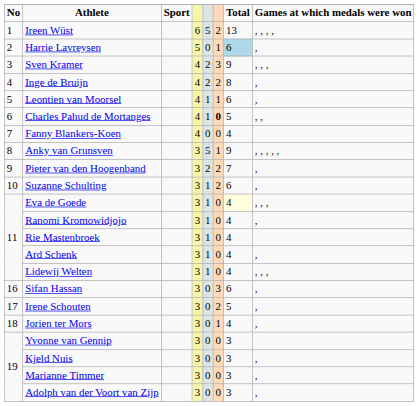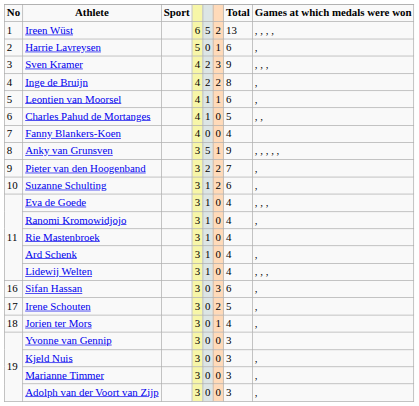 <table class="wikitable">
 <tr style="background:#efefef;">
 </tr>
 <tr align=center>
 <td><strong>No</strong></td>
 <td><strong>Athlete</strong></td>
 <td><strong>Sport</strong></td>
 <td bgcolor=#f7f6a8></td>
 <td bgcolor=#dce5e5></td>
 <td bgcolor=#ffdab9></td>
 <td><strong>Total</strong></td>
 <td><strong>Games at which medals were won</strong></td>
 </tr>
 <tr>
 <td>1</td>
 <td><a href='#'>Ireen Wüst</a></td>
 <td></td>
 <td style="background:#F7F6A8;">6</td>
 <td style="background:#DCE5E5;">5</td>
 <td style="background:#FFDAB9;">2</td>
 <td>13</td>
 <td>, , , , </td>
 </tr>
 <tr>
 <td>2</td>
 <td><a href='#'>Harrie Lavreysen</a></td>
 <td></td>
 <td style="background:#F7F6A8;">5</td>
 <td style="background:#DCE5E5;">0</td>
 <td style="background:#FFDAB9;">1</td>
-<td style="background: lightblue;">6</td>
+<td>6</td>
 <td>, </td>
 </tr>
 <tr>
 <td>3</td>
 <td><a href='#'>Sven Kramer</a></td>
 <td></td>
 <td style="background:#F7F6A8;">4</td>
 <td style="background:#DCE5E5;">2</td>
 <td style="background:#FFDAB9;">3</td>
 <td>9</td>
 <td>, , , </td>
 </tr>
 <tr>
 <td>4</td>
 <td><a href='#'>Inge de Bruijn</a></td>
 <td></td>
 <td style="background:#F7F6A8;">4</td>
 <td style="background:#DCE5E5;">2</td>
 <td style="background:#FFDAB9;">2</td>
 <td>8</td>
 <td>, </td>
 </tr>
 <tr>
 <td>5</td>
 <td><a href='#'>Leontien van Moorsel</a></td>
 <td></td>
 <td style="background:#F7F6A8;">4</td>
 <td style="background:#DCE5E5;">1</td>
 <td style="background:#FFDAB9;">1</td>
 <td>6</td>
 <td>, </td>
 </tr>
 <tr>
 <td>6</td>
 <td><a href='#'>Charles Pahud de Mortanges</a></td>
 <td></td>
 <td style="background:#F7F6A8;">4</td>
 <td style="background:#DCE5E5;">1</td>
-<td style="background:#FFDAB9;"><strong>0</strong></td>
+<td style="background:#FFDAB9;">0</td>
 <td>5</td>
 <td>, , </td>
 </tr>
 <tr>
 <td>7</td>
 <td><a href='#'>Fanny Blankers-Koen</a></td>
 <td></td>
 <td style="background:#F7F6A8;">4</td>
 <td style="background:#DCE5E5;">0</td>
 <td style="background:#FFDAB9;">0</td>
 <td>4</td>
 <td></td>
 </tr>
 <tr>
 <td>8</td>
 <td><a href='#'>Anky van Grunsven</a></td>
 <td></td>
 <td style="background:#F7F6A8;">3</td>
 <td style="background:#DCE5E5;">5</td>
 <td style="background:#FFDAB9;">1</td>
 <td>9</td>
 <td>, , , , , </td>
 </tr>
 <tr>
 <td>9</td>
 <td><a href='#'>Pieter van den Hoogenband</a></td>
 <td></td>
 <td style="background:#F7F6A8;">3</td>
 <td style="background:#DCE5E5;">2</td>
 <td style="background:#FFDAB9;">2</td>
 <td>7</td>
 <td>, </td>
 </tr>
 <tr>
 <td>10</td>
 <td><a href='#'>Suzanne Schulting</a></td>
 <td></td>
 <td style="background:#F7F6A8;">3</td>
 <td style="background:#DCE5E5;">1</td>
 <td style="background:#FFDAB9;">2</td>
 <td>6</td>
 <td>, </td>
 </tr>
 <tr>
 <td rowspan=5>11</td>
 <td><a href='#'>Eva de Goede</a></td>
 <td></td>
 <td style="background:#F7F6A8;">3</td>
 <td style="background:#DCE5E5;">1</td>
 <td style="background:#FFDAB9;">0</td>
-<td style="background: lightyellow;">4</td>
+<td>4</td>
 <td>, , , </td>
 </tr>
 <tr>
 <td><a href='#'>Ranomi Kromowidjojo</a></td>
 <td></td>
 <td style="background:#F7F6A8;">3</td>
 <td style="background:#DCE5E5;">1</td>
 <td style="background:#FFDAB9;">0</td>
 <td>4</td>
 <td>, </td>
 </tr>
 <tr>
 <td><a href='#'>Rie Mastenbroek</a></td>
 <td></td>
 <td style="background:#F7F6A8;">3</td>
 <td style="background:#DCE5E5;">1</td>
 <td style="background:#FFDAB9;">0</td>
 <td>4</td>
 <td></td>
 </tr>
 <tr>
 <td><a href='#'>Ard Schenk</a></td>
 <td></td>
 <td style="background:#F7F6A8;">3</td>
 <td style="background:#DCE5E5;">1</td>
 <td style="background:#FFDAB9;">0</td>
 <td>4</td>
 <td>, </td>
 </tr>
 <tr>
 <td><a href='#'>Lidewij Welten</a></td>
 <td></td>
 <td style="background:#F7F6A8;">3</td>
 <td style="background:#DCE5E5;">1</td>
 <td style="background:#FFDAB9;">0</td>
 <td>4</td>
 <td>, , , </td>
 </tr>
 <tr>
 <td>16</td>
 <td><a href='#'>Sifan Hassan</a></td>
 <td></td>
 <td style="background:#F7F6A8;">3</td>
 <td style="background:#DCE5E5;">0</td>
 <td style="background:#FFDAB9;">3</td>
 <td>6</td>
 <td>, </td>
 </tr>
 <tr>
 <td>17</td>
 <td><a href='#'>Irene Schouten</a></td>
 <td></td>
 <td style="background:#F7F6A8;">3</td>
 <td style="background:#DCE5E5;">0</td>
 <td style="background:#FFDAB9;">2</td>
 <td>5</td>
 <td>, </td>
 </tr>
 <tr>
 <td>18</td>
 <td><a href='#'>Jorien ter Mors</a></td>
 <td><br></td>
 <td style="background:#F7F6A8;">3</td>
 <td style="background:#DCE5E5;">0</td>
 <td style="background:#FFDAB9;">1</td>
 <td>4</td>
 <td>, </td>
 </tr>
 <tr>
 <td rowspan="4">19</td>
 <td><a href='#'>Yvonne van Gennip</a></td>
 <td></td>
 <td style="background:#F7F6A8;">3</td>
 <td style="background:#DCE5E5;">0</td>
 <td style="background:#FFDAB9;">0</td>
 <td>3</td>
 <td></td>
 </tr>
 <tr>
 <td><a href='#'>Kjeld Nuis</a></td>
 <td></td>
 <td style="background:#F7F6A8;">3</td>
 <td style="background:#DCE5E5;">0</td>
 <td style="background:#FFDAB9;">0</td>
 <td>3</td>
 <td>, </td>
 </tr>
 <tr>
 <td><a href='#'>Marianne Timmer</a></td>
 <td></td>
 <td style="background:#F7F6A8;">3</td>
 <td style="background:#DCE5E5;">0</td>
 <td style="background:#FFDAB9;">0</td>
 <td>3</td>
 <td>, </td>
 </tr>
 <tr>
 <td><a href='#'>Adolph van der Voort van Zijp</a></td>
 <td></td>
 <td style="background:#F7F6A8;">3</td>
 <td style="background:#DCE5E5;">0</td>
 <td style="background:#FFDAB9;">0</td>
 <td>3</td>
 <td>, </td>
 </tr>
 </table>
